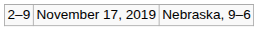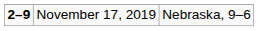 <table class="wikitable">
 <tr align="center">
 </tr>
 <tr align="center">
-<td>2–9</td>
+<td><strong>2–9</strong></td>
 <td>November 17, 2019</td>
 <td>Nebraska, 9–6</td>
 </tr>
 </table>
